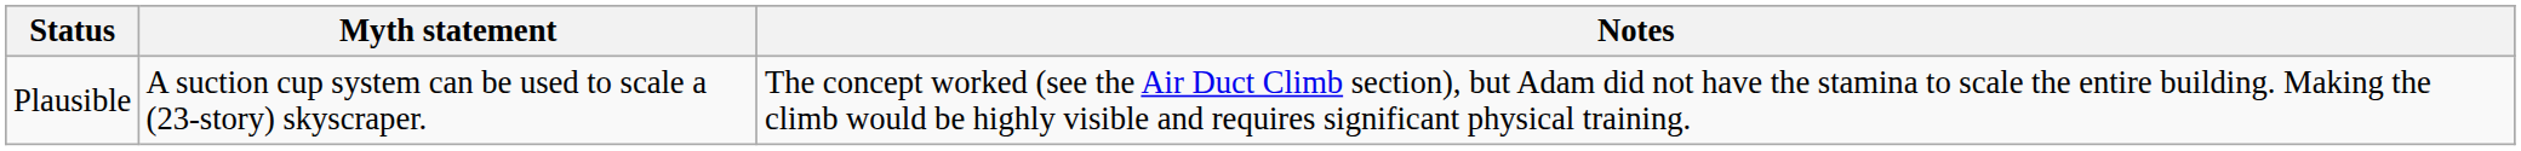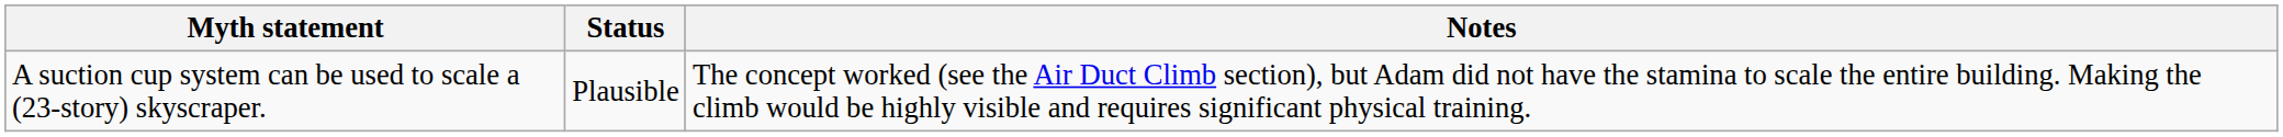 <table class="wikitable plainrowheaders">
 <tr>
+<th>Myth statement</th>
 <th>Status</th>
-<th>Myth statement</th>
 <th>Notes</th>
 </tr>
 <tr>
+<td>A suction cup system can be used to scale a (23-story) skyscraper.</td>
 <td><span>Plausible</span></td>
-<td>A suction cup system can be used to scale a (23-story) skyscraper.</td>
 <td>The concept worked (see the <a href='#'>Air Duct Climb</a> section), but Adam did not have the stamina to scale the entire building. Making the climb would be highly visible and requires significant physical training.</td>
 </tr>
 </table>
